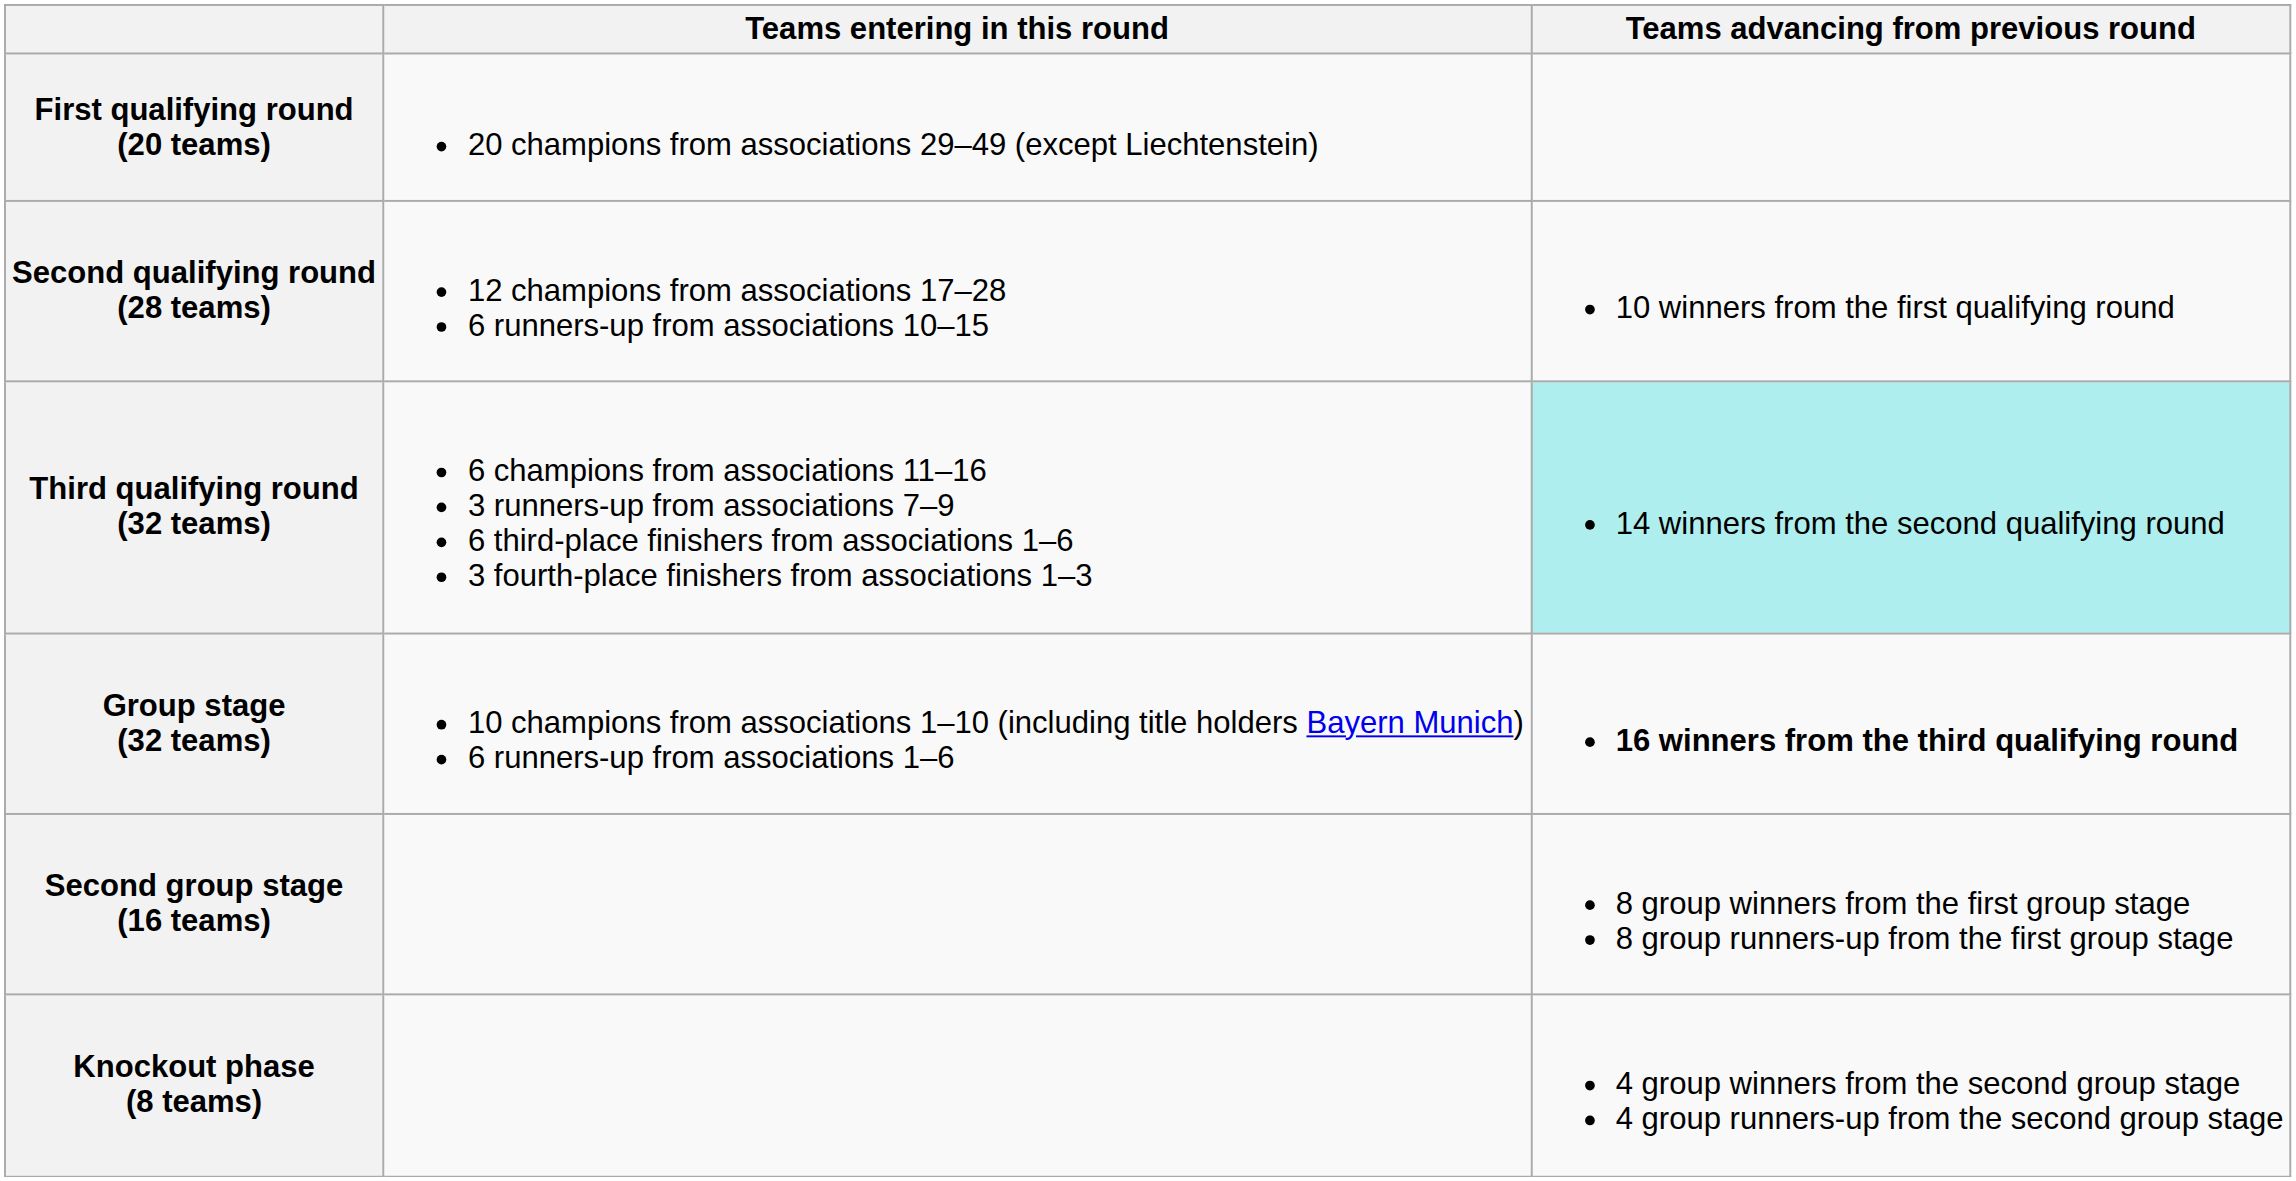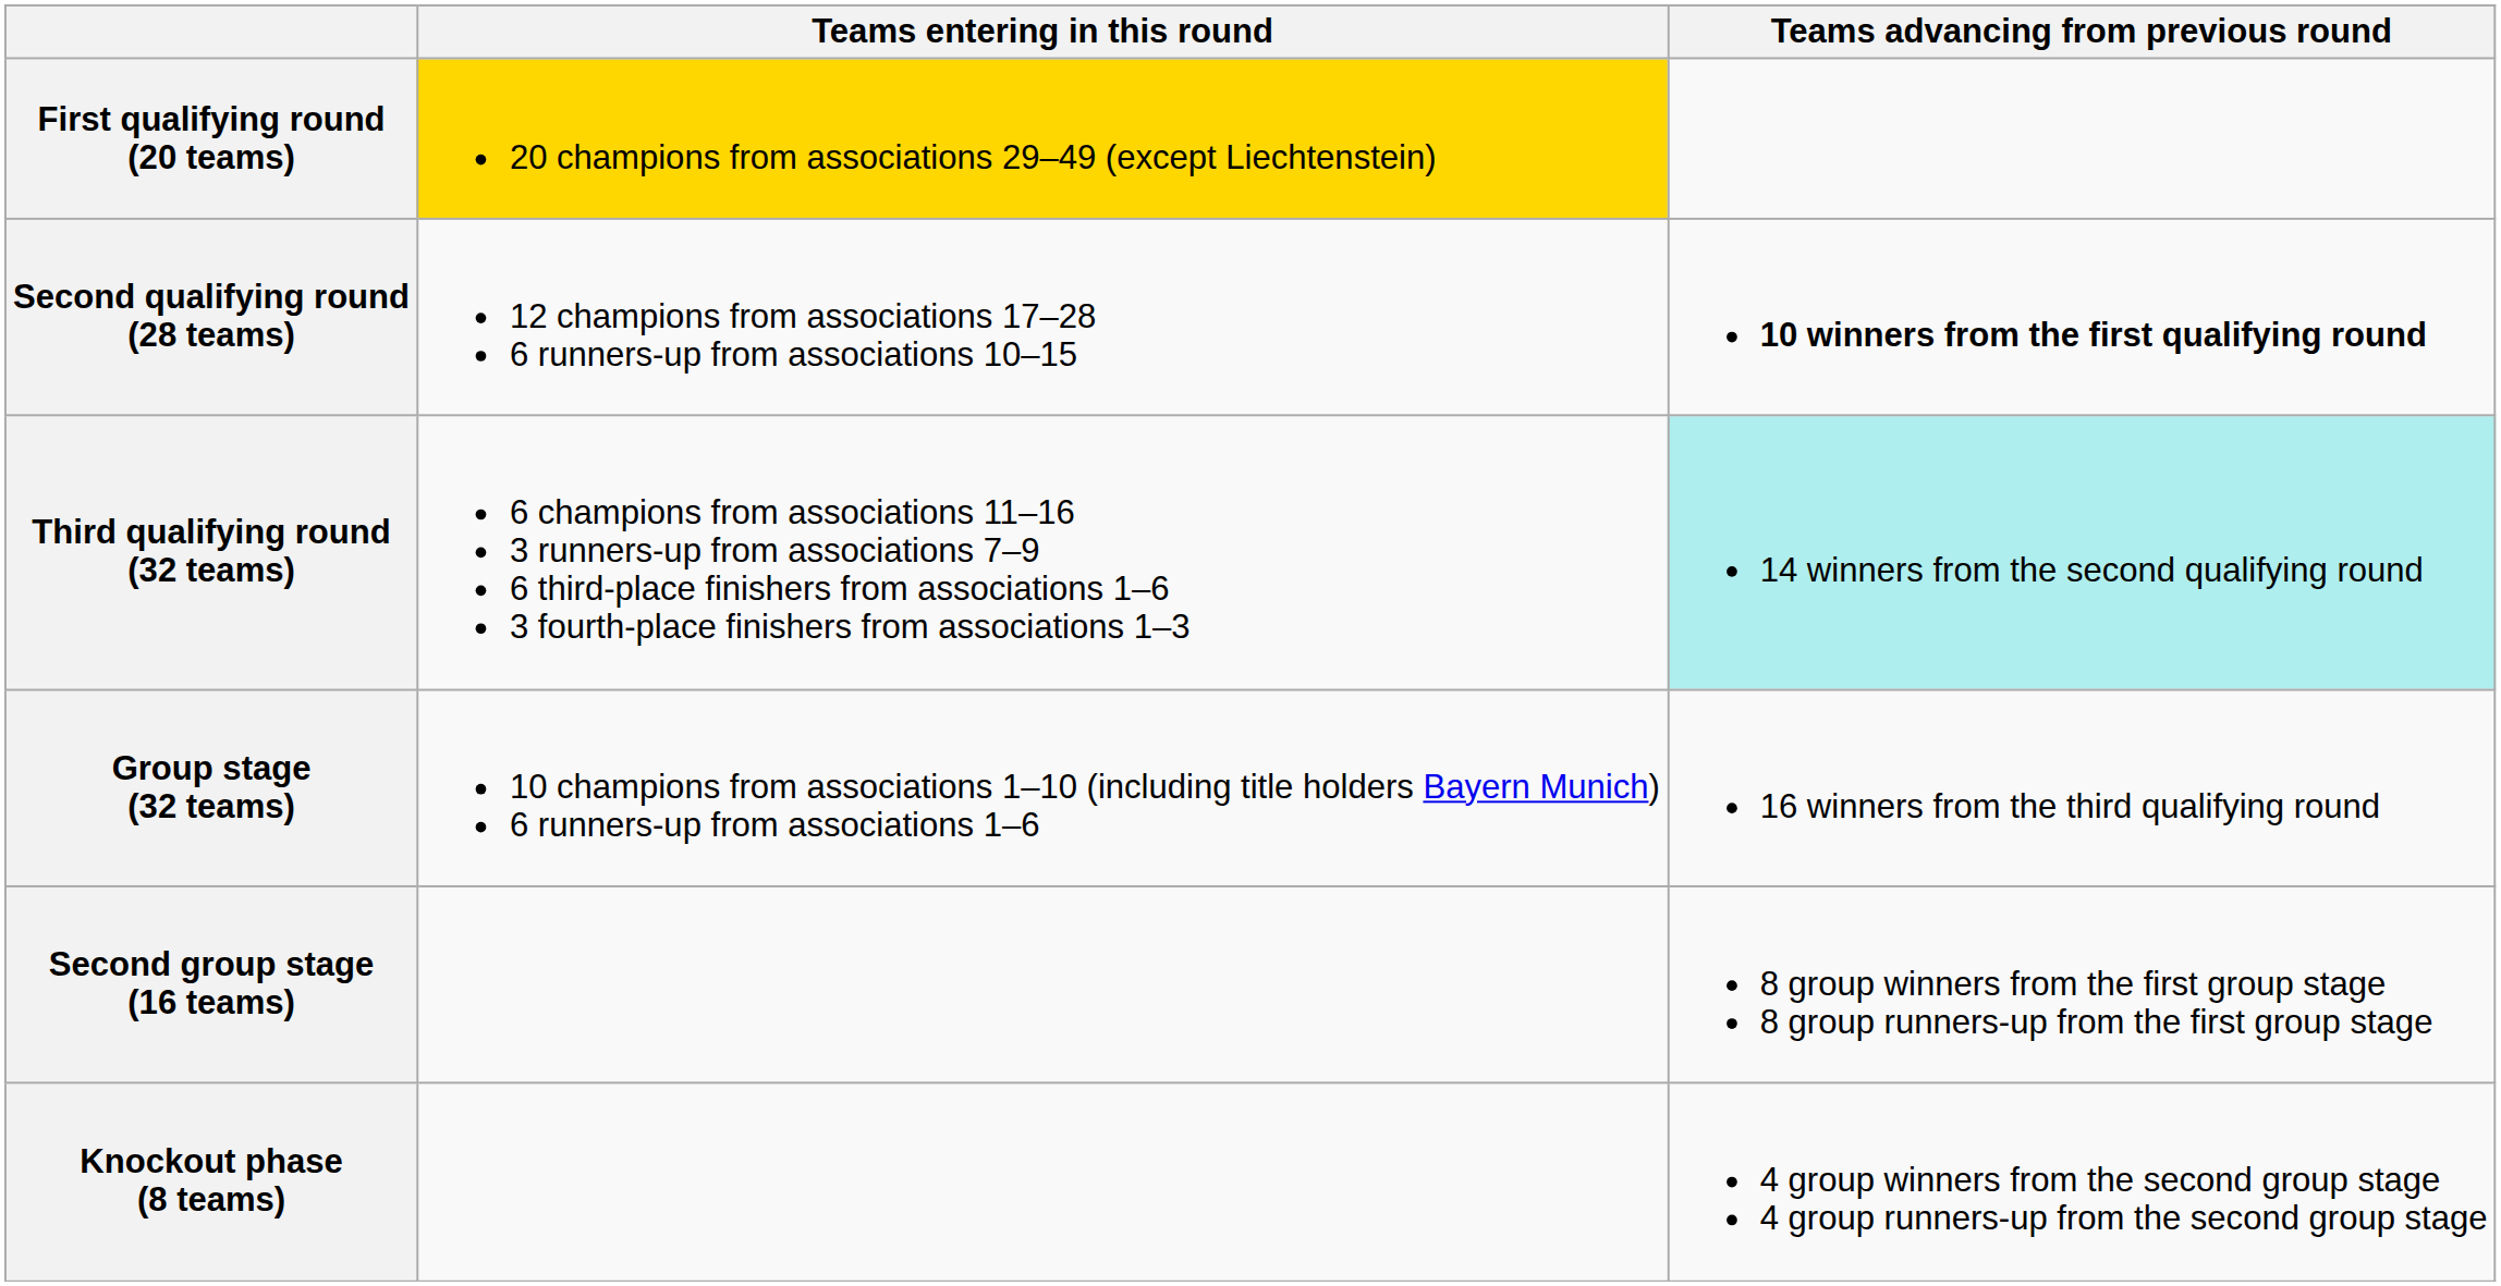 <table class="wikitable">
 <tr>
 <th colspan=2></th>
 <th>Teams entering in this round</th>
 <th>Teams advancing from previous round</th>
 </tr>
 <tr>
 <th colspan=2>First qualifying round<br>(20 teams)</th>
-<td><br><ul><li>20 champions from associations 29–49 (except Liechtenstein)</li></ul></td>
+<td style="background: gold;"><br><ul><li>20 champions from associations 29–49 (except Liechtenstein)</li></ul></td>
 <td></td>
 </tr>
 <tr>
 <th colspan=2>Second qualifying round<br>(28 teams)</th>
 <td><br><ul><li>12 champions from associations 17–28</li><li>6 runners-up from associations 10–15</li></ul></td>
-<td><br><ul><li>10 winners from the first qualifying round</li></ul></td>
+<td><strong><br><ul><li>10 winners from the first qualifying round</li></ul></strong></td>
 </tr>
 <tr>
 <th colspan=2>Third qualifying round<br>(32 teams)</th>
 <td><br><ul><li>6 champions from associations 11–16</li><li>3 runners-up from associations 7–9</li><li>6 third-place finishers from associations 1–6</li><li>3 fourth-place finishers from associations 1–3</li></ul></td>
 <td style="background: paleturquoise;"><br><ul><li>14 winners from the second qualifying round</li></ul></td>
 </tr>
 <tr>
 <th colspan=2>Group stage<br>(32 teams)</th>
 <td><br><ul><li>10 champions from associations 1–10 (including title holders <a href='#'>Bayern Munich</a>)</li><li>6 runners-up from associations 1–6</li></ul></td>
-<td><strong><br><ul><li>16 winners from the third qualifying round</li></ul></strong></td>
+<td><br><ul><li>16 winners from the third qualifying round</li></ul></td>
 </tr>
 <tr>
 <th colspan=2>Second group stage<br>(16 teams)</th>
 <td></td>
 <td><br><ul><li>8 group winners from the first group stage</li><li>8 group runners-up from the first group stage</li></ul></td>
 </tr>
 <tr>
 <th colspan=2>Knockout phase<br>(8 teams)</th>
 <td></td>
 <td><br><ul><li>4 group winners from the second group stage</li><li>4 group runners-up from the second group stage</li></ul></td>
 </tr>
 </table>
